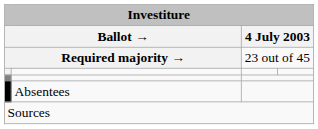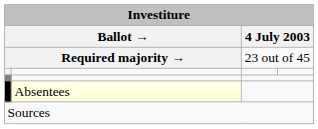 <table class="wikitable" style="text-align:center;">
 <tr bgcolor="#E9E9E9">
 <td colspan="4" align="center" bgcolor="#C0C0C0"><strong>Investiture</strong></td>
 </tr>
 <tr>
 <th colspan="2" width="275px">Ballot →</th>
 <th colspan="2">4 July 2003</th>
 </tr>
 <tr>
 <th colspan="2">Required majority →</th>
 <td colspan="2">23 out of 45</td>
 </tr>
 <tr>
 <th width="1px" style="background:"></th>
 <td align="left"></td>
 <td></td>
 <td></td>
 </tr>
 <tr>
 <th style="color:inherit;background:gray;"></th>
 <td align="left"></td>
 <td colspan="2"></td>
 </tr>
 <tr>
 <th style="color:inherit;background:black;"></th>
-<td align="left"><span>Absentees</span></td>
+<td align="left" style="background: lightyellow;"><span>Absentees</span></td>
 <td colspan="2"></td>
 </tr>
 <tr>
 <td align="left" colspan="4">Sources</td>
 </tr>
 </table>
